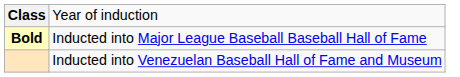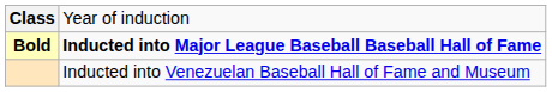 <table class="wikitable">
 <tr>
 <th scope="row">Class</th>
 <td>Year of induction</td>
 </tr>
 <tr>
 <th scope="row" style="background:#ffb;"><strong>Bold</strong></th>
-<td>Inducted into <a href='#'>Major League Baseball Baseball Hall of Fame</a></td>
+<td><strong>Inducted into <a href='#'>Major League Baseball Baseball Hall of Fame</a></strong></td>
 </tr>
 <tr>
 <th scope="row" style="background:#FFE6BD"></th>
 <td>Inducted into <a href='#'>Venezuelan Baseball Hall of Fame and Museum</a></td>
 </tr>
 </table>
